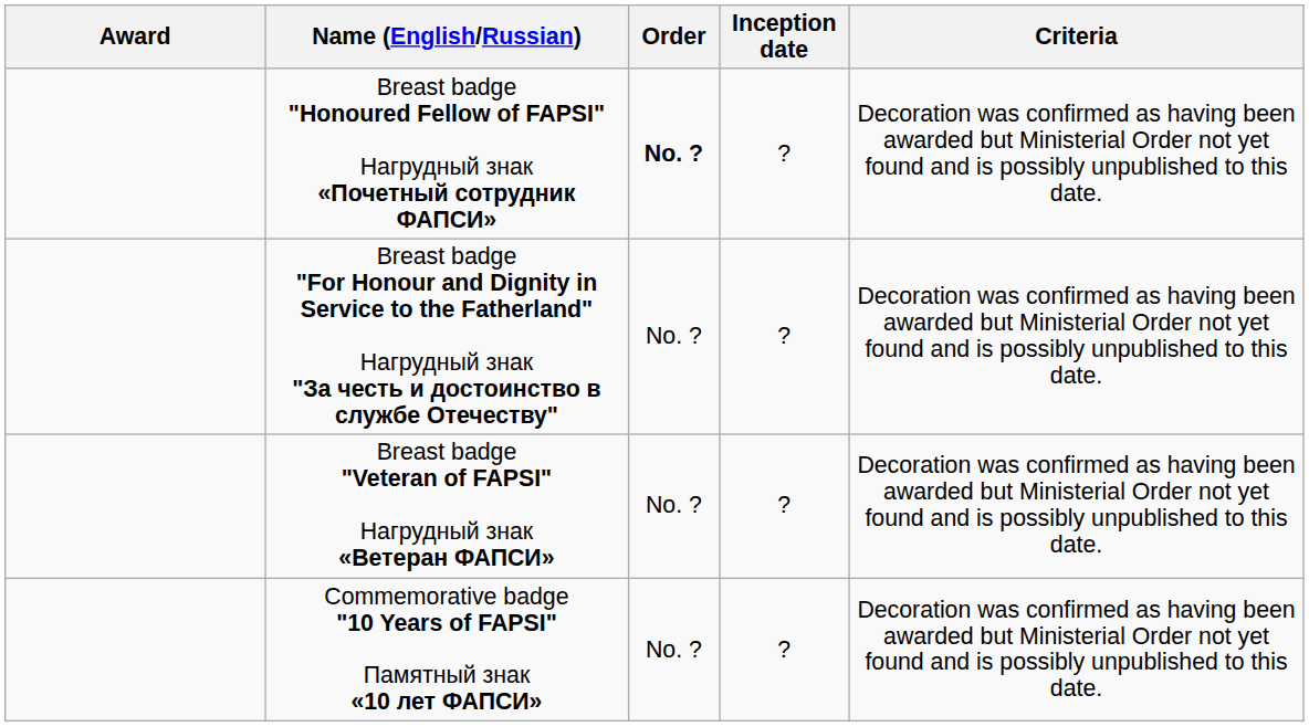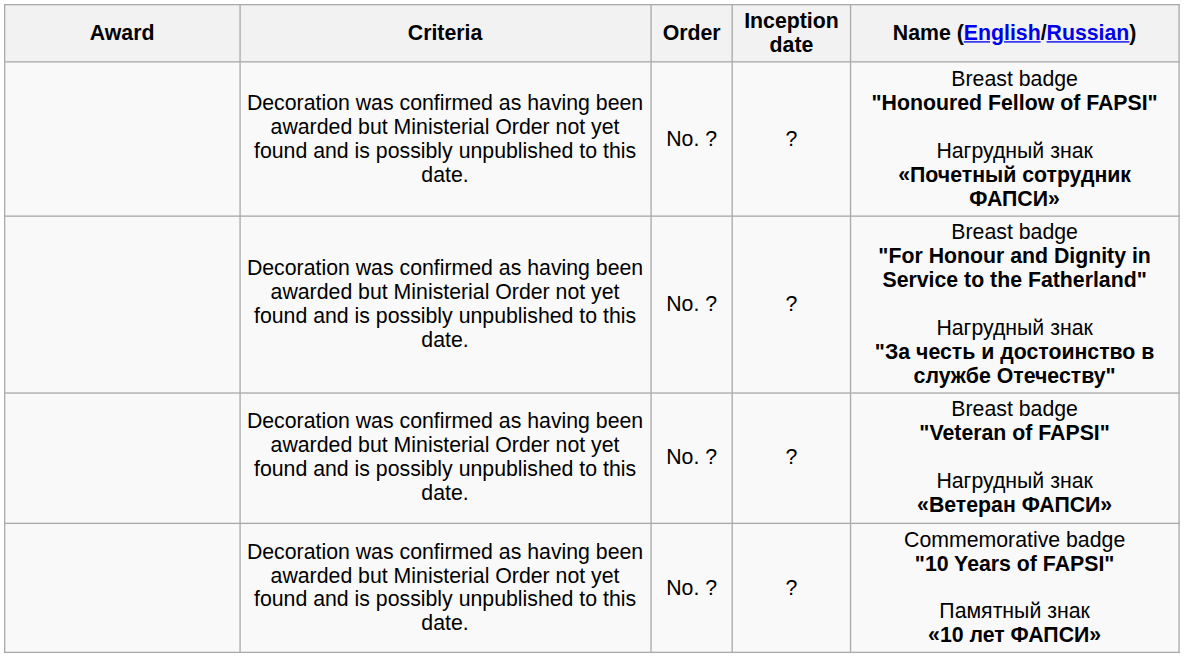 <table class="wikitable sortable" style="width:100%; text-align:center;">
 <tr style="background:white;">
 <th style="width:20%">Award</th>
-<th style="width:28%">Name (<a href='#'>English</a>/<a href='#'>Russian</a>)</th>
+<th style="width:35%">Criteria</th>
 <th style="width:7%">Order</th>
 <th style="width:10%">Inception date</th>
-<th style="width:35%">Criteria</th>
+<th style="width:28%">Name (<a href='#'>English</a>/<a href='#'>Russian</a>)</th>
 </tr>
 <tr>
 <td></td>
+<td>Decoration was confirmed as having been awarded but Ministerial Order not yet found and is possibly unpublished to this date.</td>
+<td>No. ?</td>
+<td>?</td>
 <td>Breast badge<br><strong>"Honoured Fellow of FAPSI"</strong><br><br>Нагрудный знак<br><strong>«Почетный сотрудник ФАПСИ»</strong></td>
-<td><strong>No. ?</strong></td>
-<td>?</td>
-<td>Decoration was confirmed as having been awarded but Ministerial Order not yet found and is possibly unpublished to this date.</td>
 </tr>
 <tr>
 <td></td>
-<td>Breast badge<br><strong>"For Honour and Dignity in Service to the Fatherland"</strong><br><br>Нагрудный знак<br><strong>"За честь и достоинство в службе Отечеству"</strong></td>
+<td>Decoration was confirmed as having been awarded but Ministerial Order not yet found and is possibly unpublished to this date.</td>
 <td>No. ?</td>
 <td>?</td>
-<td>Decoration was confirmed as having been awarded but Ministerial Order not yet found and is possibly unpublished to this date.</td>
+<td>Breast badge<br><strong>"For Honour and Dignity in Service to the Fatherland"</strong><br><br>Нагрудный знак<br><strong>"За честь и достоинство в службе Отечеству"</strong></td>
 </tr>
 <tr>
 <td></td>
-<td>Breast badge<br><strong>"Veteran of FAPSI"</strong><br><br>Нагрудный знак<br> <strong>«Ветеран ФАПСИ»</strong></td>
+<td>Decoration was confirmed as having been awarded but Ministerial Order not yet found and is possibly unpublished to this date.</td>
 <td>No. ?</td>
 <td>?</td>
-<td>Decoration was confirmed as having been awarded but Ministerial Order not yet found and is possibly unpublished to this date.</td>
+<td>Breast badge<br><strong>"Veteran of FAPSI"</strong><br><br>Нагрудный знак<br> <strong>«Ветеран ФАПСИ»</strong></td>
 </tr>
 <tr>
 <td></td>
-<td>Commemorative badge<br><strong>"10 Years of FAPSI"</strong><br><br>Памятный знак<br> <strong>«10 лет ФАПСИ»</strong></td>
+<td>Decoration was confirmed as having been awarded but Ministerial Order not yet found and is possibly unpublished to this date.</td>
 <td>No. ?</td>
 <td>?</td>
-<td>Decoration was confirmed as having been awarded but Ministerial Order not yet found and is possibly unpublished to this date.</td>
+<td>Commemorative badge<br><strong>"10 Years of FAPSI"</strong><br><br>Памятный знак<br> <strong>«10 лет ФАПСИ»</strong></td>
 </tr>
 </table>
